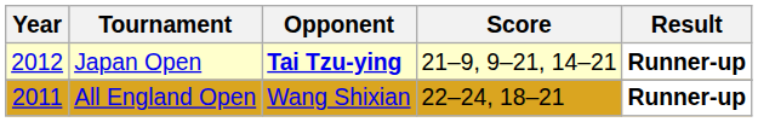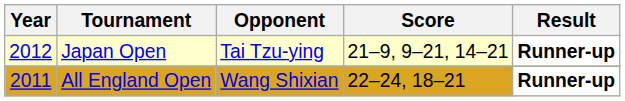 <table class="sortable wikitable" style="font-size: 90%;">
 <tr>
 <th>Year</th>
 <th>Tournament</th>
 <th>Opponent</th>
 <th>Score</th>
 <th>Result</th>
 </tr>
 <tr style="background:#FFFFCC">
 <td align="center"><a href='#'>2012</a></td>
 <td align="left"><a href='#'>Japan Open</a></td>
-<td align="left"><strong> <a href='#'>Tai Tzu-ying</a></strong></td>
+<td align="left"> <a href='#'>Tai Tzu-ying</a></td>
 <td align="left">21–9, 9–21, 14–21</td>
 <td style="text-align:left; background:white"> <strong>Runner-up</strong></td>
 </tr>
 <tr>
 </tr>
 <tr style="background:#DAA520">
 <td align="center"><a href='#'>2011</a></td>
 <td align="left"><a href='#'>All England Open</a></td>
 <td align="left"> <a href='#'>Wang Shixian</a></td>
 <td align="left">22–24, 18–21</td>
 <td style="text-align:left; background:white"> <strong>Runner-up</strong></td>
 </tr>
 </table>
